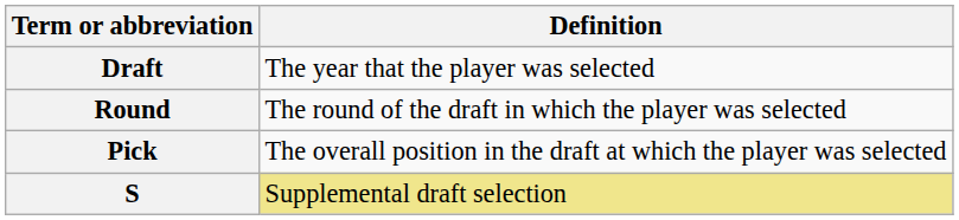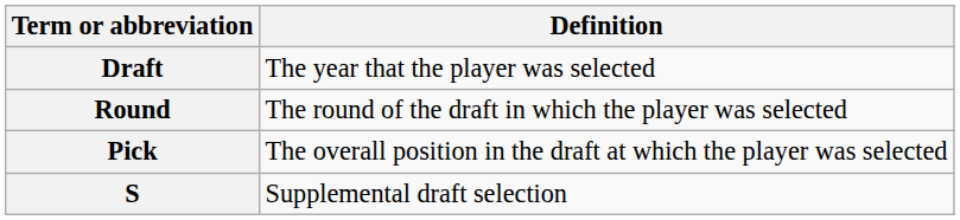 <table class="wikitable">
 <tr>
 <th scope="col">Term or abbreviation</th>
 <th scope="col">Definition</th>
 </tr>
 <tr>
 <th scope="row">Draft</th>
 <td>The year that the player was selected</td>
 </tr>
 <tr>
 <th scope="row">Round</th>
 <td>The round of the draft in which the player was selected</td>
 </tr>
 <tr>
 <th scope="row">Pick</th>
 <td>The overall position in the draft at which the player was selected<br></td>
 </tr>
 <tr>
 <th scope="row">S</th>
-<td style="background: khaki;">Supplemental draft selection</td>
+<td>Supplemental draft selection</td>
 </tr>
 </table>
